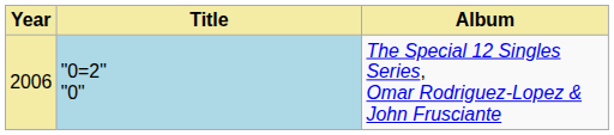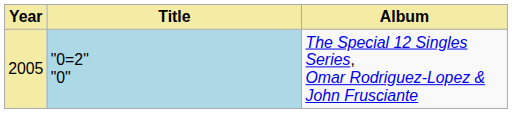 <table class="wikitable" style="text-align:center">
 <tr>
 <th width="35" style="background: #f4eca5">Year</th>
 <th width="250" style="background: #f4eca5">Title</th>
 <th width="200" style="background: #f4eca5">Album</th>
 </tr>
 <tr>
-<td style="background: #f4eca5">2006</td>
+<td style="background: #f4eca5">2005</td>
 <td align="left" style="background: lightblue;">"0=2"<br>"0"</td>
 <td align="left"><em><a href='#'>The Special 12 Singles Series</a></em>,<br><em><a href='#'>Omar Rodriguez-Lopez & John Frusciante</a></em></td>
 </tr>
 </table>
